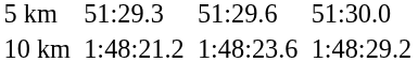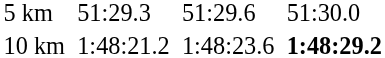 <table>
 <tr>
 <td>5 km<br></td>
 <td></td>
 <td>51:29.3</td>
 <td></td>
 <td>51:29.6</td>
 <td></td>
 <td>51:30.0</td>
 </tr>
 <tr>
 <td>10 km<br></td>
 <td></td>
 <td>1:48:21.2</td>
 <td></td>
 <td>1:48:23.6</td>
 <td></td>
-<td>1:48:29.2</td>
+<td><strong>1:48:29.2</strong></td>
 </tr>
 </table>
